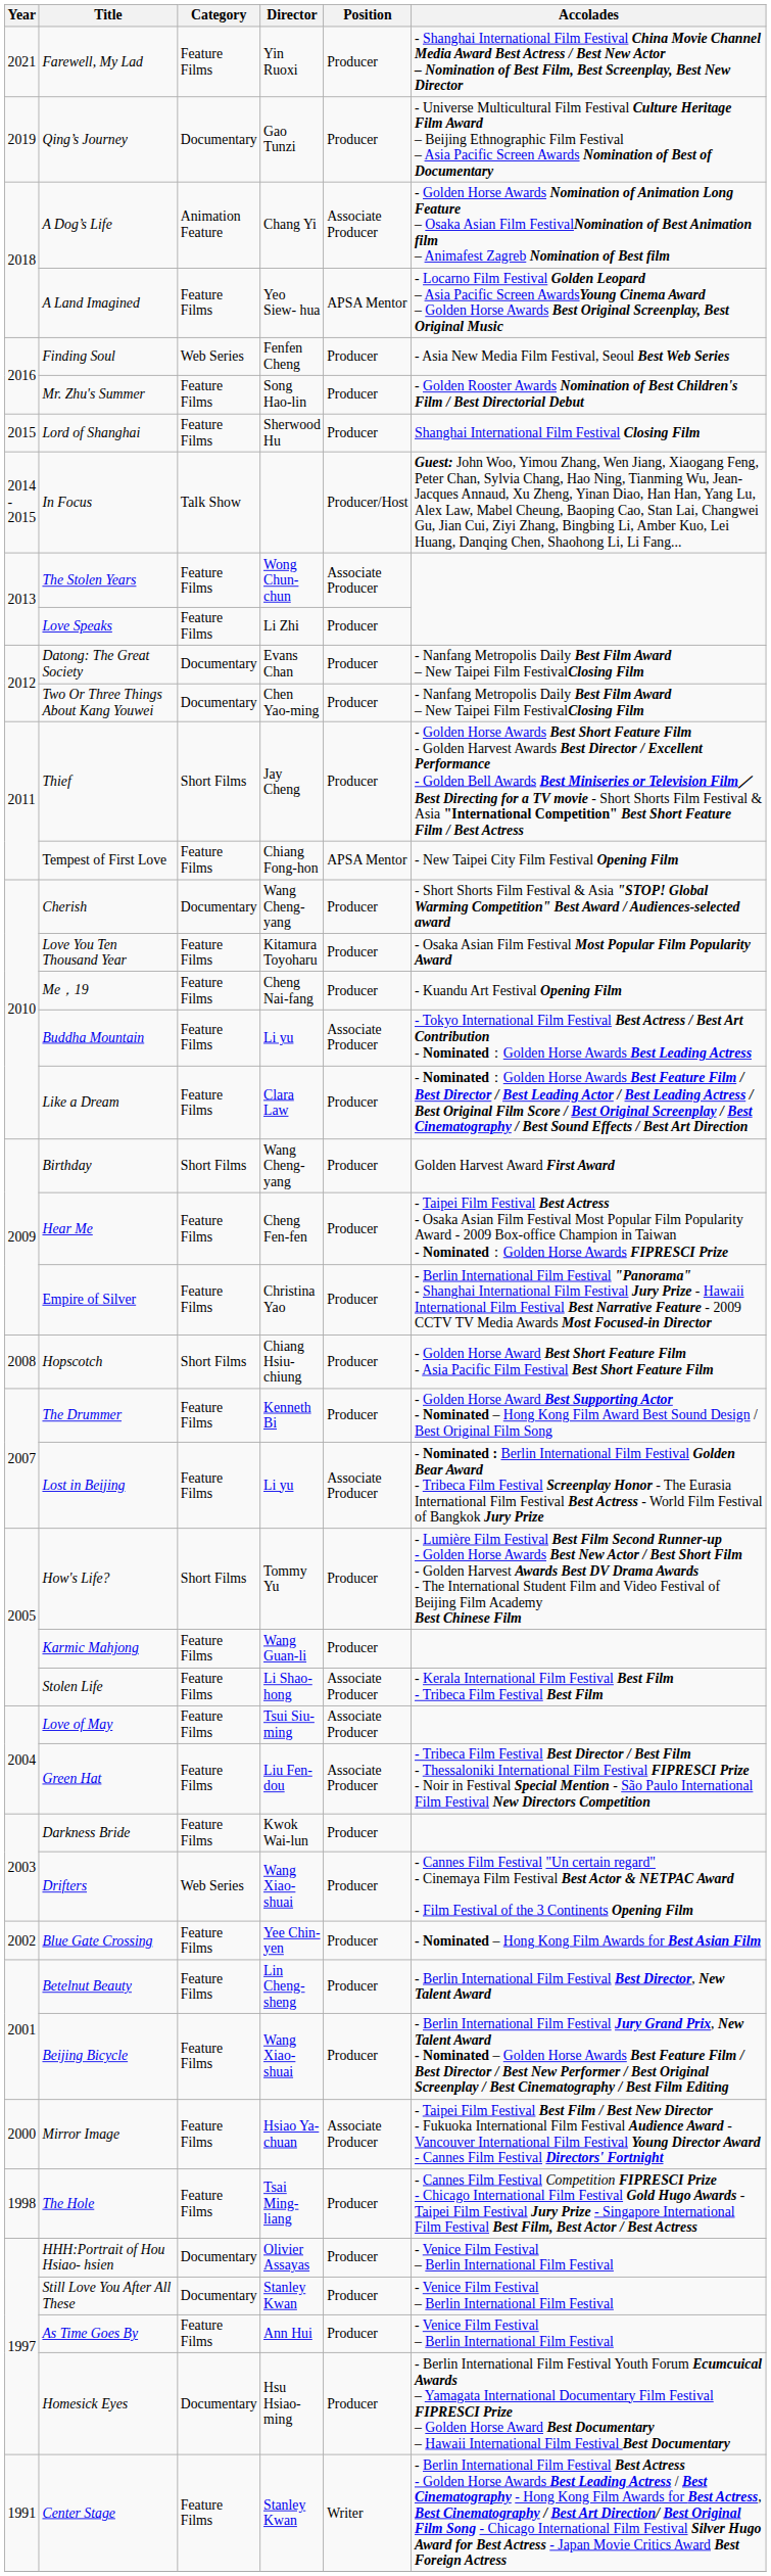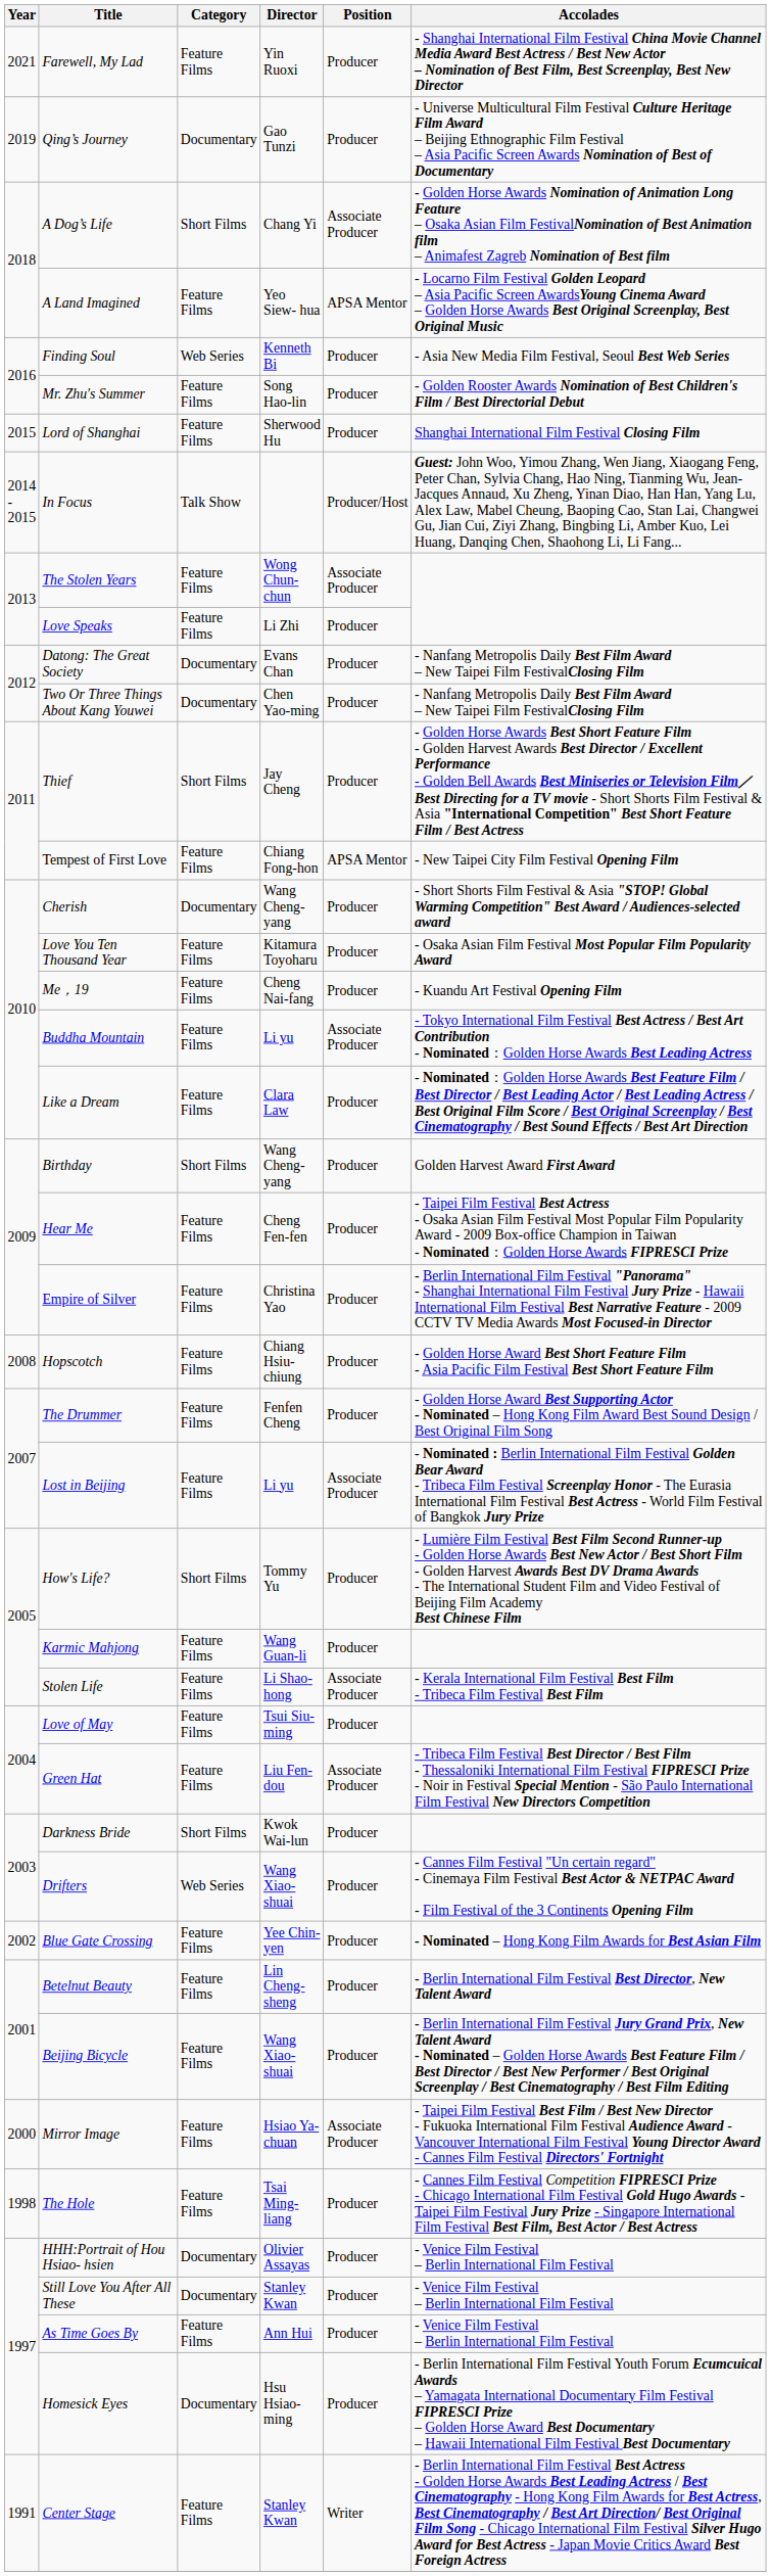 <table class="wikitable">
 <tr>
 <th scope="col" width="4%">Year</th>
 <th scope="col" width="20%">Title</th>
 <th scope="col" width="8%">Category</th>
 <th scope="col" width="8%">Director</th>
 <th scope="col" width="5%">Position</th>
 <th scope="col" width="70%">Accolades</th>
 </tr>
 <tr>
 <td>2021</td>
 <td><em>Farewell, My Lad</em></td>
 <td>Feature Films</td>
 <td>Yin Ruoxi</td>
 <td>Producer</td>
 <td>- <a href='#'>Shanghai International Film Festival</a> <strong><em>China Movie Channel Media Award Best Actress / Best New Actor <br> – Nomination of Best Film, Best Screenplay, Best New Director</em></strong></td>
 </tr>
 <tr>
 <td>2019</td>
 <td><em>Qing’s Journey</em></td>
 <td>Documentary</td>
 <td>Gao Tunzi</td>
 <td>Producer</td>
 <td>- Universe Multicultural Film Festival <strong><em>Culture Heritage Film Award</em></strong>  <br> – Beijing Ethnographic Film Festival <br> – <a href='#'>Asia Pacific Screen Awards</a> <strong><em>Nomination of Best of Documentary</em></strong></td>
 </tr>
 <tr>
 <td rowspan="2">2018</td>
 <td><em>A Dog’s Life</em></td>
-<td>Animation Feature</td>
+<td>Short Films</td>
 <td>Chang Yi</td>
 <td>Associate Producer</td>
 <td>- <a href='#'>Golden Horse Awards</a> <strong><em>Nomination of Animation Long Feature</em></strong>  <br> – <a href='#'>Osaka Asian Film Festival</a><strong><em>Nomination of Best Animation film</em></strong>  <br> – <a href='#'>Animafest Zagreb</a> <strong><em>Nomination of Best film</em></strong></td>
 </tr>
 <tr>
 <td><em>A Land Imagined</em></td>
 <td>Feature Films</td>
 <td>Yeo Siew- hua</td>
 <td>APSA Mentor</td>
 <td>- <a href='#'>Locarno Film Festival</a> <strong><em>Golden Leopard</em></strong>  <br> – <a href='#'>Asia Pacific Screen Awards</a><strong><em>Young Cinema Award</em></strong>  <br> – <a href='#'>Golden Horse Awards</a> <strong><em>Best Original Screenplay, Best Original Music</em></strong></td>
 </tr>
 <tr>
 <td rowspan="2">2016</td>
 <td><em>Finding Soul</em></td>
 <td>Web Series</td>
-<td>Fenfen Cheng</td>
+<td><a href='#'>Kenneth Bi</a></td>
 <td>Producer</td>
 <td>- Asia New Media Film Festival, Seoul <strong><em>Best Web Series</em></strong></td>
 </tr>
 <tr>
 <td><em>Mr. Zhu's Summer</em></td>
 <td>Feature Films</td>
 <td>Song Hao-lin</td>
 <td>Producer</td>
 <td>- <a href='#'>Golden Rooster Awards</a> <strong><em>Nomination of Best Children's Film / Best Directorial Debut</em></strong></td>
 </tr>
 <tr>
 <td>2015</td>
 <td><em>Lord of Shanghai</em></td>
 <td>Feature Films</td>
 <td>Sherwood Hu</td>
 <td>Producer</td>
 <td><a href='#'>Shanghai International Film Festival</a> <strong><em>Closing Film</em></strong></td>
 </tr>
 <tr>
 <td>2014<br>-<br>2015</td>
 <td><em>In Focus</em></td>
 <td>Talk Show</td>
 <td></td>
 <td>Producer/Host</td>
 <td><strong><em>Guest:</em></strong> John Woo, Yimou Zhang, Wen Jiang, Xiaogang Feng, Peter Chan, Sylvia Chang, Hao Ning, Tianming Wu, Jean-Jacques Annaud, Xu Zheng, Yinan Diao, Han Han, Yang Lu, Alex Law, Mabel Cheung, Baoping Cao, Stan Lai, Changwei Gu, Jian Cui, Ziyi Zhang, Bingbing Li, Amber Kuo, Lei Huang, Danqing Chen, Shaohong Li, Li Fang...</td>
 </tr>
 <tr>
 <td rowspan="2">2013</td>
 <td><em><a href='#'>The Stolen Years</a></em></td>
 <td>Feature Films</td>
 <td><a href='#'>Wong Chun-chun</a></td>
 <td>Associate Producer</td>
 </tr>
 <tr>
 <td><em><a href='#'>Love Speaks</a></em></td>
 <td>Feature Films</td>
 <td>Li Zhi</td>
 <td>Producer</td>
 </tr>
 <tr>
 <td rowspan="2">2012</td>
 <td><em>Datong: The Great Society</em></td>
 <td>Documentary</td>
 <td>Evans Chan</td>
 <td>Producer</td>
 <td>- Nanfang Metropolis Daily <strong><em>Best Film Award</em></strong>  <br> – New Taipei Film Festival<strong><em>Closing Film</em></strong></td>
 </tr>
 <tr>
 <td><em>Two Or Three Things About Kang Youwei</em></td>
 <td>Documentary</td>
 <td>Chen Yao-ming</td>
 <td>Producer</td>
 <td>- Nanfang Metropolis Daily <strong><em>Best Film Award</em></strong>  <br> – New Taipei Film Festival<strong><em>Closing Film</em></strong></td>
 </tr>
 <tr>
 <td rowspan="2">2011</td>
 <td><em>Thief</em></td>
 <td>Short Films</td>
 <td>Jay Cheng</td>
 <td>Producer</td>
 <td>- <a href='#'>Golden Horse Awards</a> <strong><em>Best Short Feature Film</em></strong><br>- Golden Harvest Awards <strong><em>Best Director / Excellent Performance</em></strong><br><a href='#'>- Golden Bell Awards</a> <a href='#'><strong><em>Best Miniseries or Television Film</em></strong></a><strong><em>／Best Directing for a TV movie</em></strong> - Short Shorts Film Festival & Asia <strong>"International Competition"</strong> <strong><em>Best Short Feature Film / Best Actress</em></strong></td>
 </tr>
 <tr>
 <td>Tempest of First Love</td>
 <td>Feature Films</td>
 <td>Chiang Fong-hon</td>
 <td>APSA Mentor</td>
 <td>- New Taipei City Film Festival <strong><em>Opening Film</em></strong></td>
 </tr>
 <tr>
 <td rowspan="5">2010</td>
 <td><em>Cherish</em></td>
 <td>Documentary</td>
 <td>Wang Cheng-yang</td>
 <td>Producer</td>
 <td>- Short Shorts Film Festival & Asia <strong><em>"STOP! Global Warming Competition" Best Award / Audiences-selected award</em></strong></td>
 </tr>
 <tr>
 <td><em>Love You Ten Thousand Year</em></td>
 <td>Feature Films</td>
 <td>Kitamura Toyoharu</td>
 <td>Producer</td>
 <td>- Osaka Asian Film Festival <strong><em>Most Popular Film Popularity Award</em></strong></td>
 </tr>
 <tr>
 <td><em>Me，19</em></td>
 <td>Feature Films</td>
 <td>Cheng Nai-fang</td>
 <td>Producer</td>
 <td>- Kuandu Art Festival <strong><em>Opening Film</em></strong></td>
 </tr>
 <tr>
 <td><em><a href='#'>Buddha Mountain</a></em></td>
 <td>Feature Films</td>
 <td><a href='#'>Li yu</a></td>
 <td>Associate Producer</td>
 <td><a href='#'>- Tokyo International Film Festival</a> <strong><em>Best Actress / Best Art Contribution</em></strong><br>- <strong>Nominated</strong>：<a href='#'>Golden Horse Awards <strong><em>Best Leading Actress</em></strong></a></td>
 </tr>
 <tr>
 <td><em>Like a Dream</em></td>
 <td>Feature Films</td>
 <td><a href='#'>Clara Law</a></td>
 <td>Producer</td>
 <td>- <strong>Nominated</strong>：<a href='#'>Golden Horse Awards <strong><em>Best Feature Film</em></strong></a> <strong><em>/ <a href='#'>Best Director</a> / <a href='#'>Best Leading Actor</a> / <a href='#'>Best Leading Actress</a> / Best Original Film Score / <a href='#'>Best Original Screenplay</a> / <a href='#'>Best Cinematography</a> / Best Sound Effects / Best Art Direction</em></strong></td>
 </tr>
 <tr>
 <td rowspan="3">2009</td>
 <td><em>Birthday</em></td>
 <td>Short Films</td>
 <td>Wang Cheng-yang</td>
 <td>Producer</td>
 <td>Golden Harvest Award <strong><em>First Award</em></strong></td>
 </tr>
 <tr>
 <td><em><a href='#'>Hear Me</a></em></td>
 <td>Feature Films</td>
 <td>Cheng Fen-fen</td>
 <td>Producer</td>
 <td>- <a href='#'>Taipei Film Festival</a> <strong><em>Best Actress</em></strong><br>- Osaka Asian Film Festival Most Popular Film Popularity Award - 2009 Box-office Champion in Taiwan<br>- <strong>Nominated</strong>：<a href='#'>Golden Horse Awards</a> <strong><em>FIPRESCI Prize</em></strong></td>
 </tr>
 <tr>
 <td><a href='#'>Empire of Silver</a></td>
 <td>Feature Films</td>
 <td>Christina Yao</td>
 <td>Producer</td>
 <td>- <a href='#'>Berlin International Film Festival</a> <strong><em>"Panorama"</em></strong><br>- <a href='#'>Shanghai International Film Festival</a> <strong><em>Jury Prize</em></strong> - <a href='#'>Hawaii International Film Festival</a> <strong><em>Best Narrative Feature</em></strong> - 2009 CCTV TV Media Awards <strong><em>Most Focused-in Director</em></strong></td>
 </tr>
 <tr>
 <td>2008</td>
 <td><em>Hopscotch</em></td>
-<td>Short Films</td>
+<td>Feature Films</td>
 <td>Chiang Hsiu-chiung</td>
 <td>Producer</td>
 <td>- <a href='#'>Golden Horse Award</a> <strong><em>Best Short Feature Film</em></strong><br>- <a href='#'>Asia Pacific Film Festival</a> <strong><em>Best Short Feature Film</em></strong></td>
 </tr>
 <tr>
 <td rowspan="2">2007</td>
 <td><em><a href='#'>The Drummer</a></em></td>
 <td>Feature Films</td>
-<td><a href='#'>Kenneth Bi</a></td>
+<td>Fenfen Cheng</td>
 <td>Producer</td>
 <td>- <a href='#'>Golden Horse Award <strong><em>Best Supporting Actor</em></strong></a><br><strong>- Nominated</strong> – <a href='#'>Hong Kong Film Award Best Sound Design</a> / <a href='#'>Best Original Film Song</a></td>
 </tr>
 <tr>
 <td><em><a href='#'>Lost in Beijing</a></em></td>
 <td>Feature Films</td>
 <td><a href='#'>Li yu</a></td>
 <td>Associate Producer</td>
 <td>- <strong>Nominated :</strong> <a href='#'>Berlin International Film Festival</a> <strong><em>Golden Bear Award</em></strong><br>- <a href='#'>Tribeca Film Festival</a> <strong><em>Screenplay Honor</em></strong> - The Eurasia International Film Festival <strong><em>Best Actress</em></strong> - World Film Festival of Bangkok <strong><em>Jury Prize</em></strong></td>
 </tr>
 <tr>
 <td rowspan="3">2005</td>
 <td><em>How's Life?</em></td>
 <td>Short Films</td>
 <td>Tommy Yu</td>
 <td>Producer</td>
 <td>- <a href='#'>Lumière Film Festival</a> <strong><em>Best Film Second Runner-up</em></strong><br><a href='#'>- Golden Horse Awards</a> <strong><em>Best New Actor / Best Short Film</em></strong><br>- Golden Harvest <strong><em>Awards Best DV Drama Awards</em></strong><br>- The International Student Film and Video Festival of Beijing Film Academy<br><strong><em>Best Chinese Film</em></strong></td>
 </tr>
 <tr>
 <td><em><a href='#'>Karmic Mahjong</a></em></td>
 <td>Feature Films</td>
 <td><a href='#'>Wang Guan-li</a></td>
 <td>Producer</td>
 <td></td>
 </tr>
 <tr>
 <td><em>Stolen Life</em></td>
 <td>Feature Films</td>
 <td><a href='#'>Li Shao-hong</a></td>
 <td>Associate Producer</td>
 <td>- <a href='#'>Kerala International Film Festival</a> <strong><em>Best Film</em></strong><br><a href='#'>- Tribeca Film Festival</a> <strong><em>Best Film</em></strong></td>
 </tr>
 <tr>
 <td rowspan="2">2004</td>
 <td><em><a href='#'>Love of May</a></em></td>
 <td>Feature Films</td>
 <td><a href='#'>Tsui Siu-ming</a></td>
-<td>Associate Producer</td>
+<td>Producer</td>
 <td></td>
 </tr>
 <tr>
 <td><em><a href='#'>Green Hat</a></em></td>
 <td>Feature Films</td>
 <td><a href='#'>Liu Fen-dou</a></td>
 <td>Associate Producer</td>
 <td><a href='#'>- Tribeca Film Festival</a> <strong><em>Best Director / Best Film</em></strong><br>- <a href='#'>Thessaloniki International Film Festival</a> <strong><em>FIPRESCI Prize</em></strong><br>- Noir in Festival <strong><em>Special Mention</em></strong> - <a href='#'>São Paulo International Film Festival</a> <strong><em>New Directors Competition</em></strong></td>
 </tr>
 <tr>
 <td rowspan="2">2003</td>
 <td><em>Darkness Bride</em></td>
-<td>Feature Films</td>
+<td>Short Films</td>
 <td>Kwok Wai-lun</td>
 <td>Producer</td>
 <td></td>
 </tr>
 <tr>
 <td><em><a href='#'>Drifters</a></em></td>
 <td>Web Series</td>
 <td><a href='#'>Wang Xiao-shuai</a></td>
 <td>Producer</td>
 <td>- <a href='#'>Cannes Film Festival</a> <a href='#'>"Un certain regard"<br></a>- Cinemaya Film Festival <strong><em>Best Actor & NETPAC Award</em></strong><br><br>- <a href='#'>Film Festival of the 3 Continents</a> <strong><em>Opening Film</em></strong></td>
 </tr>
 <tr>
 <td>2002</td>
 <td><em><a href='#'>Blue Gate Crossing</a></em></td>
 <td>Feature Films</td>
 <td><a href='#'>Yee Chin-yen</a></td>
 <td>Producer</td>
 <td><strong>- Nominated</strong> – <a href='#'>Hong Kong Film Awards for <strong><em>Best Asian Film</em></strong></a></td>
 </tr>
 <tr>
 <td rowspan="2">2001</td>
 <td><a href='#'><em>Betelnut Beauty</em></a></td>
 <td>Feature Films</td>
 <td><a href='#'>Lin Cheng-sheng</a></td>
 <td>Producer</td>
 <td>- <a href='#'>Berlin International Film Festival</a> <a href='#'><strong><em>Best Director</em></strong></a>, <strong><em>New Talent Award</em></strong></td>
 </tr>
 <tr>
 <td><em><a href='#'>Beijing Bicycle</a></em></td>
 <td>Feature Films</td>
 <td><a href='#'>Wang Xiao-shuai</a></td>
 <td>Producer</td>
 <td>- <a href='#'>Berlin International Film Festival</a> <strong><em><a href='#'>Jury Grand Prix</a></em></strong>, <strong><em>New Talent Award</em></strong><br><strong>- Nominated</strong> – <a href='#'>Golden Horse Awards</a> <strong><em>Best Feature Film / Best Director / Best New Performer / Best Original Screenplay / Best Cinematography / Best Film Editing</em></strong></td>
 </tr>
 <tr>
 <td>2000</td>
 <td><em>Mirror Image</em></td>
 <td>Feature Films</td>
 <td><a href='#'>Hsiao Ya-chuan</a></td>
 <td>Associate Producer</td>
 <td>- <a href='#'>Taipei Film Festival</a> <strong><em>Best Film / Best New Director</em></strong><br>- Fukuoka International Film Festival <strong><em>Audience Award</em></strong> - <a href='#'>Vancouver International Film Festival</a> <strong><em>Young Director Award</em></strong> <a href='#'>- Cannes Film Festival</a> <strong><em><a href='#'>Directors' Fortnight</a></em></strong></td>
 </tr>
 <tr>
 <td>1998</td>
 <td><em><a href='#'>The Hole</a></em></td>
 <td>Feature Films</td>
 <td><a href='#'>Tsai Ming-liang</a></td>
 <td>Producer</td>
 <td>- <a href='#'>Cannes Film Festival</a> <em>Competition</em> <strong><em>FIPRESCI Prize</em></strong><br><a href='#'>- Chicago International Film Festival</a> <strong><em>Gold</em></strong> <strong><em>Hugo Awards</em></strong> - <a href='#'>Taipei Film Festival</a> <strong><em>Jury Prize</em></strong> <a href='#'>- Singapore International Film Festival</a> <strong><em>Best Film, Best Actor / Best Actress</em></strong></td>
 </tr>
 <tr>
 <td rowspan="4">1997</td>
 <td><em>HHH:Portrait of Hou Hsiao- hsien</em></td>
 <td>Documentary</td>
 <td><a href='#'>Olivier Assayas</a></td>
 <td>Producer</td>
 <td>- <a href='#'>Venice Film Festival</a> <br> – <a href='#'>Berlin International Film Festival</a></td>
 </tr>
 <tr>
 <td><em>Still Love You After All These</em></td>
 <td>Documentary</td>
 <td><a href='#'>Stanley Kwan</a></td>
 <td>Producer</td>
 <td>- <a href='#'>Venice Film Festival</a> <br> – <a href='#'>Berlin International Film Festival</a></td>
 </tr>
 <tr>
 <td><em><a href='#'>As Time Goes By</a></em></td>
 <td>Feature Films</td>
 <td><a href='#'>Ann Hui</a></td>
 <td>Producer</td>
 <td>- <a href='#'>Venice Film Festival</a> <br> – <a href='#'>Berlin International Film Festival</a></td>
 </tr>
 <tr>
 <td><em>Homesick Eyes</em></td>
 <td>Documentary</td>
 <td>Hsu Hsiao- ming</td>
 <td>Producer</td>
 <td>- Berlin International Film Festival Youth Forum <strong><em>Ecumcuical Awards</em></strong> <br> – <a href='#'>Yamagata International Documentary Film Festival</a> <strong><em>FIPRESCI Prize</em></strong> <br> – <a href='#'>Golden Horse Award</a> <strong><em>Best Documentary</em></strong> <br> – <a href='#'>Hawaii International Film Festival </a> <strong><em>Best Documentary</em></strong></td>
 </tr>
 <tr>
 <td>1991</td>
 <td><em><a href='#'>Center Stage</a></em></td>
 <td>Feature Films</td>
 <td><a href='#'>Stanley Kwan</a></td>
 <td>Writer</td>
 <td>- <a href='#'>Berlin International Film Festival</a> <strong><em>Best Actress</em></strong><br><a href='#'>- Golden Horse Awards <strong><em>Best Leading Actress</em></strong></a> / <a href='#'><strong><em>Best Cinematography</em></strong></a> <a href='#'>- Hong Kong Film Awards for <strong><em>Best Actress</em></strong></a>, <strong><em><a href='#'>Best Cinematography</a> / <a href='#'>Best Art Direction</a>/ <a href='#'>Best Original Film Song</a></em></strong> <a href='#'>- Chicago International Film Festival</a> <strong><em>Silver Hugo Award for Best Actress</em></strong> <a href='#'>- Japan Movie Critics Award</a> <strong><em>Best Foreign Actress</em></strong></td>
 </tr>
 <tr>
 </tr>
 </table>
